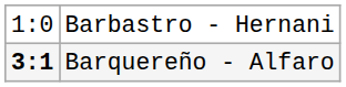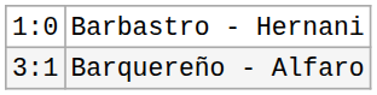 <table class="wikitable">
 <tr align=center bgcolor=white>
 <td>1:0</td>
 <td>Barbastro - Hernani</td>
 </tr>
 <tr align=center bgcolor=#F5F5F5>
-<td><strong>3:1</strong></td>
+<td>3:1</td>
 <td>Barquereño - Alfaro</td>
 </tr>
 </table>
